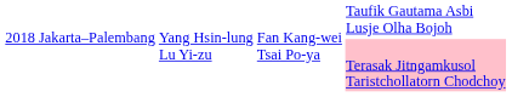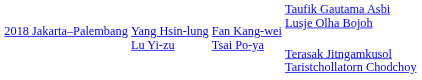 <table>
 <tr>
 <td rowspan=2><a href='#'>2018 Jakarta–Palembang</a></td>
 <td rowspan=2><br><a href='#'>Yang Hsin-lung</a><br><a href='#'>Lu Yi-zu</a></td>
 <td rowspan=2><br><a href='#'>Fan Kang-wei</a><br><a href='#'>Tsai Po-ya</a></td>
 <td><br><a href='#'>Taufik Gautama Asbi</a><br><a href='#'>Lusje Olha Bojoh</a></td>
 </tr>
 <tr>
-<td style="background: pink;"><br><a href='#'>Terasak Jitngamkusol</a><br><a href='#'>Taristchollatorn Chodchoy</a></td>
+<td><br><a href='#'>Terasak Jitngamkusol</a><br><a href='#'>Taristchollatorn Chodchoy</a></td>
 </tr>
 </table>
